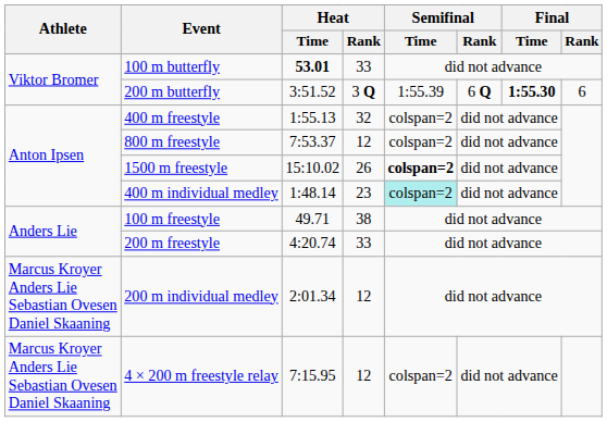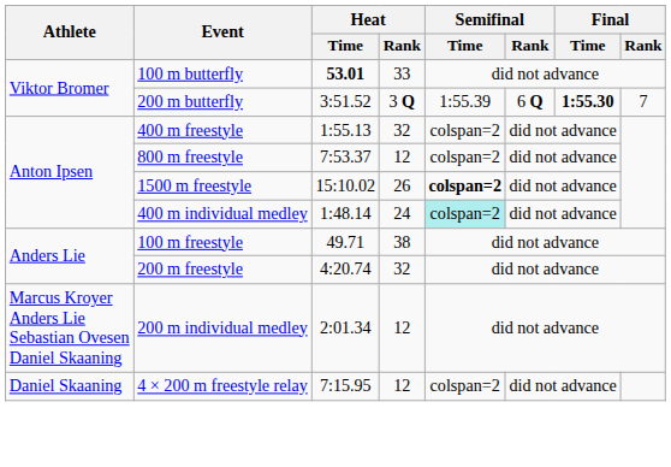 <table class=wikitable style="font-size:90%; text-align:center">
 <tr>
 <th rowspan="2">Athlete</th>
 <th rowspan="2">Event</th>
 <th colspan="2">Heat</th>
 <th colspan="2">Semifinal</th>
 <th colspan="2">Final</th>
 </tr>
 <tr style="font-size:95%">
 <th>Time</th>
 <th>Rank</th>
 <th>Time</th>
 <th>Rank</th>
 <th>Time</th>
 <th>Rank</th>
 </tr>
 <tr>
 <td style="text-align:left" rowspan=2><a href='#'>Viktor Bromer</a></td>
 <td style="text-align:left"><a href='#'>100 m butterfly</a></td>
 <td><strong>53.01</strong></td>
 <td>33</td>
 <td colspan=4>did not advance</td>
 </tr>
 <tr>
 <td style="text-align:left"><a href='#'>200 m butterfly</a></td>
 <td>3:51.52</td>
 <td>3 <strong>Q</strong></td>
 <td>1:55.39</td>
 <td>6 <strong>Q</strong></td>
 <td><strong>1:55.30</strong></td>
-<td>6</td>
+<td>7</td>
 </tr>
 <tr>
 <td style="text-align:left" rowspan=4><a href='#'>Anton Ipsen</a></td>
 <td style="text-align:left"><a href='#'>400 m freestyle</a></td>
 <td>1:55.13</td>
 <td>32</td>
 <td>colspan=2 </td>
 <td colspan=2>did not advance</td>
 </tr>
 <tr>
 <td style="text-align:left"><a href='#'>800 m freestyle</a></td>
 <td>7:53.37</td>
 <td>12</td>
 <td>colspan=2 </td>
 <td colspan=2>did not advance</td>
 </tr>
 <tr>
 <td style="text-align:left"><a href='#'>1500 m freestyle</a></td>
 <td>15:10.02</td>
 <td>26</td>
 <td><strong>colspan=2 </strong></td>
 <td colspan=2>did not advance</td>
 </tr>
 <tr>
 <td style="text-align:left"><a href='#'>400 m individual medley</a></td>
 <td>1:48.14</td>
-<td>23</td>
+<td>24</td>
 <td style="background: paleturquoise;">colspan=2 </td>
 <td colspan=2>did not advance</td>
 </tr>
 <tr>
 <td style="text-align:left" rowspan=2><a href='#'>Anders Lie</a></td>
 <td style="text-align:left"><a href='#'>100 m freestyle</a></td>
 <td>49.71</td>
 <td>38</td>
 <td colspan=4>did not advance</td>
 </tr>
 <tr>
 <td style="text-align:left"><a href='#'>200 m freestyle</a></td>
 <td>4:20.74</td>
-<td>33</td>
+<td>32</td>
 <td colspan=4>did not advance</td>
 </tr>
 <tr>
 <td style="text-align:left"><a href='#'>Marcus Kroyer</a><br><a href='#'>Anders Lie</a><br><a href='#'>Sebastian Ovesen</a><br><a href='#'>Daniel Skaaning</a></td>
 <td style="text-align:left"><a href='#'>200 m individual medley</a></td>
 <td>2:01.34</td>
 <td>12</td>
 <td colspan=4>did not advance</td>
 </tr>
 <tr>
-<td style="text-align:left"><a href='#'>Marcus Kroyer</a><br><a href='#'>Anders Lie</a><br><a href='#'>Sebastian Ovesen</a><br><a href='#'>Daniel Skaaning</a></td>
+<td style="text-align:left"><a href='#'>Daniel Skaaning</a></td>
 <td style="text-align:left"><a href='#'>4 × 200 m freestyle relay</a></td>
 <td>7:15.95</td>
 <td>12</td>
 <td>colspan=2 </td>
 <td colspan=2>did not advance</td>
 </tr>
 </table>
